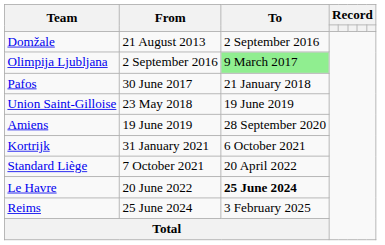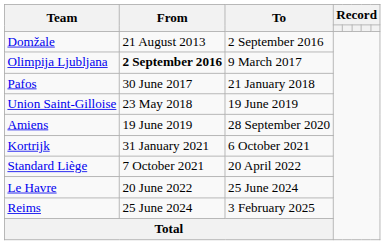 <table class=wikitable style="text-align: center">
 <tr>
 <th rowspan=2>Team</th>
 <th rowspan=2>From</th>
 <th rowspan=2>To</th>
 <th colspan=5>Record</th>
 </tr>
 <tr>
 <th></th>
 <th></th>
 <th></th>
 <th></th>
 <th></th>
 </tr>
 <tr>
 <td align=left><a href='#'>Domžale</a></td>
 <td align=left>21 August 2013</td>
 <td align=left>2 September 2016<br></td>
 </tr>
 <tr>
 <td align=left><a href='#'>Olimpija Ljubljana</a></td>
-<td align=left>2 September 2016</td>
-<td align=left style="background: lightgreen;">9 March 2017<br></td>
+<td align=left><strong>2 September 2016</strong></td>
+<td align=left>9 March 2017<br></td>
 </tr>
 <tr>
 <td align=left><a href='#'>Pafos</a></td>
 <td align=left>30 June 2017</td>
 <td align=left>21 January 2018<br></td>
 </tr>
 <tr>
 <td align=left><a href='#'>Union Saint-Gilloise</a></td>
 <td align=left>23 May 2018</td>
 <td align=left>19 June 2019<br></td>
 </tr>
 <tr>
 <td align=left><a href='#'>Amiens</a></td>
 <td align=left>19 June 2019</td>
 <td align=left>28 September 2020<br></td>
 </tr>
 <tr>
 <td align=left><a href='#'>Kortrijk</a></td>
 <td align=left>31 January 2021</td>
 <td align=left>6 October 2021<br></td>
 </tr>
 <tr>
 <td align=left><a href='#'>Standard Liège</a></td>
 <td align=left>7 October 2021</td>
 <td align=left>20 April 2022<br></td>
 </tr>
 <tr>
 <td align=left><a href='#'>Le Havre</a></td>
 <td align=left>20 June 2022</td>
-<td align=left><strong>25 June 2024<br></strong></td>
+<td align=left>25 June 2024<br></td>
 </tr>
 <tr>
 <td align=left><a href='#'>Reims</a></td>
 <td align=left>25 June 2024</td>
 <td align=left>3 February 2025<br></td>
 </tr>
 <tr>
 <th colspan=3>Total<br></th>
 </tr>
 </table>
